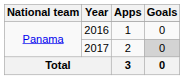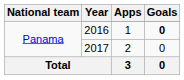 <table class="wikitable" style="text-align:center">
 <tr>
 <th>National team</th>
 <th>Year</th>
 <th>Apps</th>
 <th>Goals</th>
 </tr>
 <tr>
 <td rowspan="3"><a href='#'>Panama</a></td>
 </tr>
 <tr>
 <td>2016</td>
 <td>1</td>
-<td>0</td>
+<td><strong>0</strong></td>
 </tr>
 <tr>
 <td>2017</td>
 <td>2</td>
-<td style="background: lightgrey;">0</td>
+<td>0</td>
 </tr>
 <tr>
 <th colspan=2>Total</th>
 <th>3</th>
 <th>0</th>
 </tr>
 </table>
